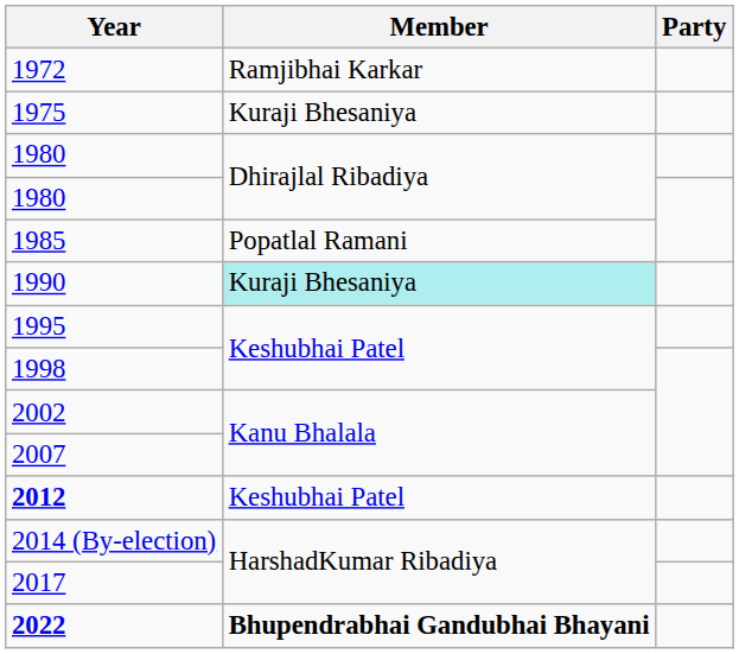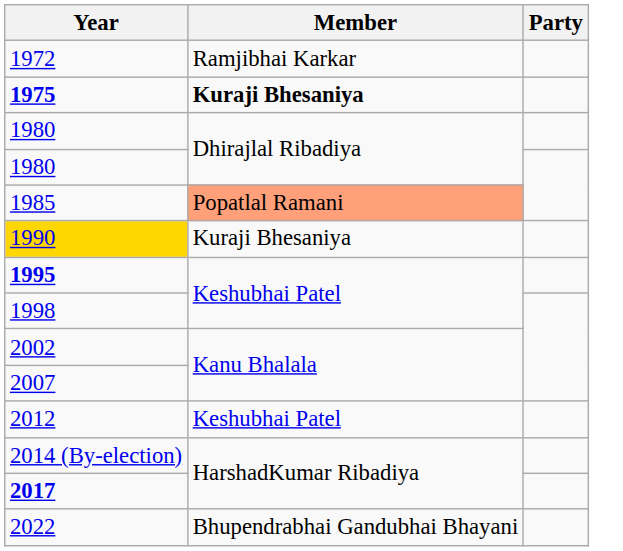 <table class="wikitable sortable">
 <tr>
 <th>Year</th>
 <th>Member</th>
 <th colspan="2">Party</th>
 </tr>
 <tr>
 <td><a href='#'>1972</a></td>
 <td>Ramjibhai Karkar</td>
 <td></td>
 </tr>
 <tr>
-<td><a href='#'>1975</a></td>
-<td>Kuraji Bhesaniya</td>
+<td><strong><a href='#'>1975</a></strong></td>
+<td><strong>Kuraji Bhesaniya</strong></td>
 <td></td>
 </tr>
 <tr>
 <td><a href='#'>1980</a></td>
 <td rowspan="2">Dhirajlal Ribadiya</td>
 <td></td>
 </tr>
 <tr>
 <td><a href='#'>1980</a></td>
 </tr>
 <tr>
 <td><a href='#'>1985</a></td>
-<td>Popatlal Ramani</td>
+<td style="background: lightsalmon;">Popatlal Ramani</td>
 </tr>
 <tr>
-<td><a href='#'>1990</a></td>
-<td style="background: paleturquoise;">Kuraji Bhesaniya</td>
+<td style="background: gold;"><a href='#'>1990</a></td>
+<td>Kuraji Bhesaniya</td>
 <td></td>
 </tr>
 <tr>
-<td><a href='#'>1995</a></td>
+<td><strong><a href='#'>1995</a></strong></td>
 <td rowspan="2"><a href='#'>Keshubhai Patel</a></td>
 <td></td>
 </tr>
 <tr>
 <td><a href='#'>1998</a></td>
 </tr>
 <tr>
 <td><a href='#'>2002</a></td>
 <td rowspan="2"><a href='#'>Kanu Bhalala</a></td>
 </tr>
 <tr>
 <td><a href='#'>2007</a></td>
 </tr>
 <tr>
-<td><strong><a href='#'>2012</a></strong></td>
+<td><a href='#'>2012</a></td>
 <td><a href='#'>Keshubhai Patel</a></td>
 <td></td>
 </tr>
 <tr>
 <td><a href='#'>2014 (By-election)</a></td>
 <td rowspan="2">HarshadKumar Ribadiya</td>
 <td></td>
 </tr>
 <tr>
-<td><a href='#'>2017</a></td>
+<td><strong><a href='#'>2017</a></strong></td>
 </tr>
 <tr>
-<td><strong><a href='#'>2022</a></strong></td>
-<td><strong>Bhupendrabhai Gandubhai Bhayani</strong></td>
+<td><a href='#'>2022</a></td>
+<td>Bhupendrabhai Gandubhai Bhayani</td>
 <td></td>
 </tr>
 </table>
